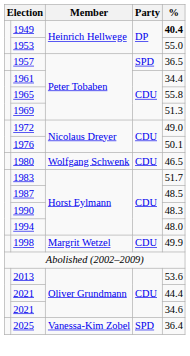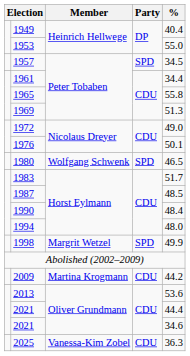 <table class=wikitable>
 <tr>
 <th colspan=2>Election</th>
 <th>Member</th>
 <th>Party</th>
 <th>%</th>
 </tr>
 <tr>
 <td rowspan=2 bgcolor=></td>
 <td><a href='#'>1949</a></td>
 <td rowspan=2><a href='#'>Heinrich Hellwege</a></td>
 <td rowspan=2><a href='#'>DP</a></td>
-<td align=right><strong>40.4</strong></td>
+<td align=right>40.4</td>
 </tr>
 <tr>
 <td><a href='#'>1953</a></td>
 <td align=right>55.0</td>
 </tr>
 <tr>
 <td bgcolor=></td>
 <td><a href='#'>1957</a></td>
 <td rowspan=4><a href='#'>Peter Tobaben</a></td>
 <td><a href='#'>SPD</a></td>
-<td align=right>36.5</td>
+<td align=right>34.5</td>
 </tr>
 <tr>
 <td rowspan=3 bgcolor=></td>
 <td><a href='#'>1961</a></td>
 <td rowspan=3><a href='#'>CDU</a></td>
 <td align=right>34.4</td>
 </tr>
 <tr>
 <td><a href='#'>1965</a></td>
 <td align=right>55.8</td>
 </tr>
 <tr>
 <td><a href='#'>1969</a></td>
 <td align=right>51.3</td>
 </tr>
 <tr>
 <td rowspan=2 bgcolor=></td>
 <td><a href='#'>1972</a></td>
 <td rowspan=2><a href='#'>Nicolaus Dreyer</a></td>
 <td rowspan=2><a href='#'>CDU</a></td>
 <td align=right>49.0</td>
 </tr>
 <tr>
 <td><a href='#'>1976</a></td>
 <td align=right>50.1</td>
 </tr>
 <tr>
 <td bgcolor=></td>
 <td><a href='#'>1980</a></td>
 <td><a href='#'>Wolfgang Schwenk</a></td>
-<td><a href='#'>CDU</a></td>
+<td><a href='#'>SPD</a></td>
 <td align=right>46.5</td>
 </tr>
 <tr>
 <td rowspan=4 bgcolor=></td>
 <td><a href='#'>1983</a></td>
 <td rowspan=4><a href='#'>Horst Eylmann</a></td>
 <td rowspan=4><a href='#'>CDU</a></td>
 <td align=right>51.7</td>
 </tr>
 <tr>
 <td><a href='#'>1987</a></td>
 <td align=right>48.5</td>
 </tr>
 <tr>
 <td><a href='#'>1990</a></td>
-<td align=right>48.3</td>
+<td align=right>48.4</td>
 </tr>
 <tr>
 <td><a href='#'>1994</a></td>
 <td align=right>48.0</td>
 </tr>
 <tr>
 <td bgcolor=></td>
 <td><a href='#'>1998</a></td>
 <td><a href='#'>Margrit Wetzel</a></td>
-<td><a href='#'>CDU</a></td>
+<td><a href='#'>SPD</a></td>
 <td align=right>49.9</td>
 </tr>
 <tr>
 <td colspan=5 align=center><em>Abolished (2002–2009)</em></td>
+</tr>
+<tr>
+<td bgcolor=></td>
+<td><a href='#'>2009</a></td>
+<td><a href='#'>Martina Krogmann</a></td>
+<td><a href='#'>CDU</a></td>
+<td align=right>44.2</td>
 </tr>
 <tr>
 <td rowspan=3 bgcolor=></td>
 <td><a href='#'>2013</a></td>
 <td rowspan=3><a href='#'>Oliver Grundmann</a></td>
 <td rowspan=3><a href='#'>CDU</a></td>
 <td align=right>53.6</td>
 </tr>
 <tr>
 <td><a href='#'>2021</a></td>
 <td align=right>44.4</td>
 </tr>
 <tr>
 <td><a href='#'>2021</a></td>
 <td align=right>34.6</td>
 </tr>
 <tr>
 <td></td>
 <td><a href='#'>2025</a></td>
 <td><a href='#'>Vanessa-Kim Zobel</a></td>
-<td><a href='#'>SPD</a></td>
-<td>36.4</td>
+<td><a href='#'>CDU</a></td>
+<td>36.3</td>
 </tr>
 </table>
